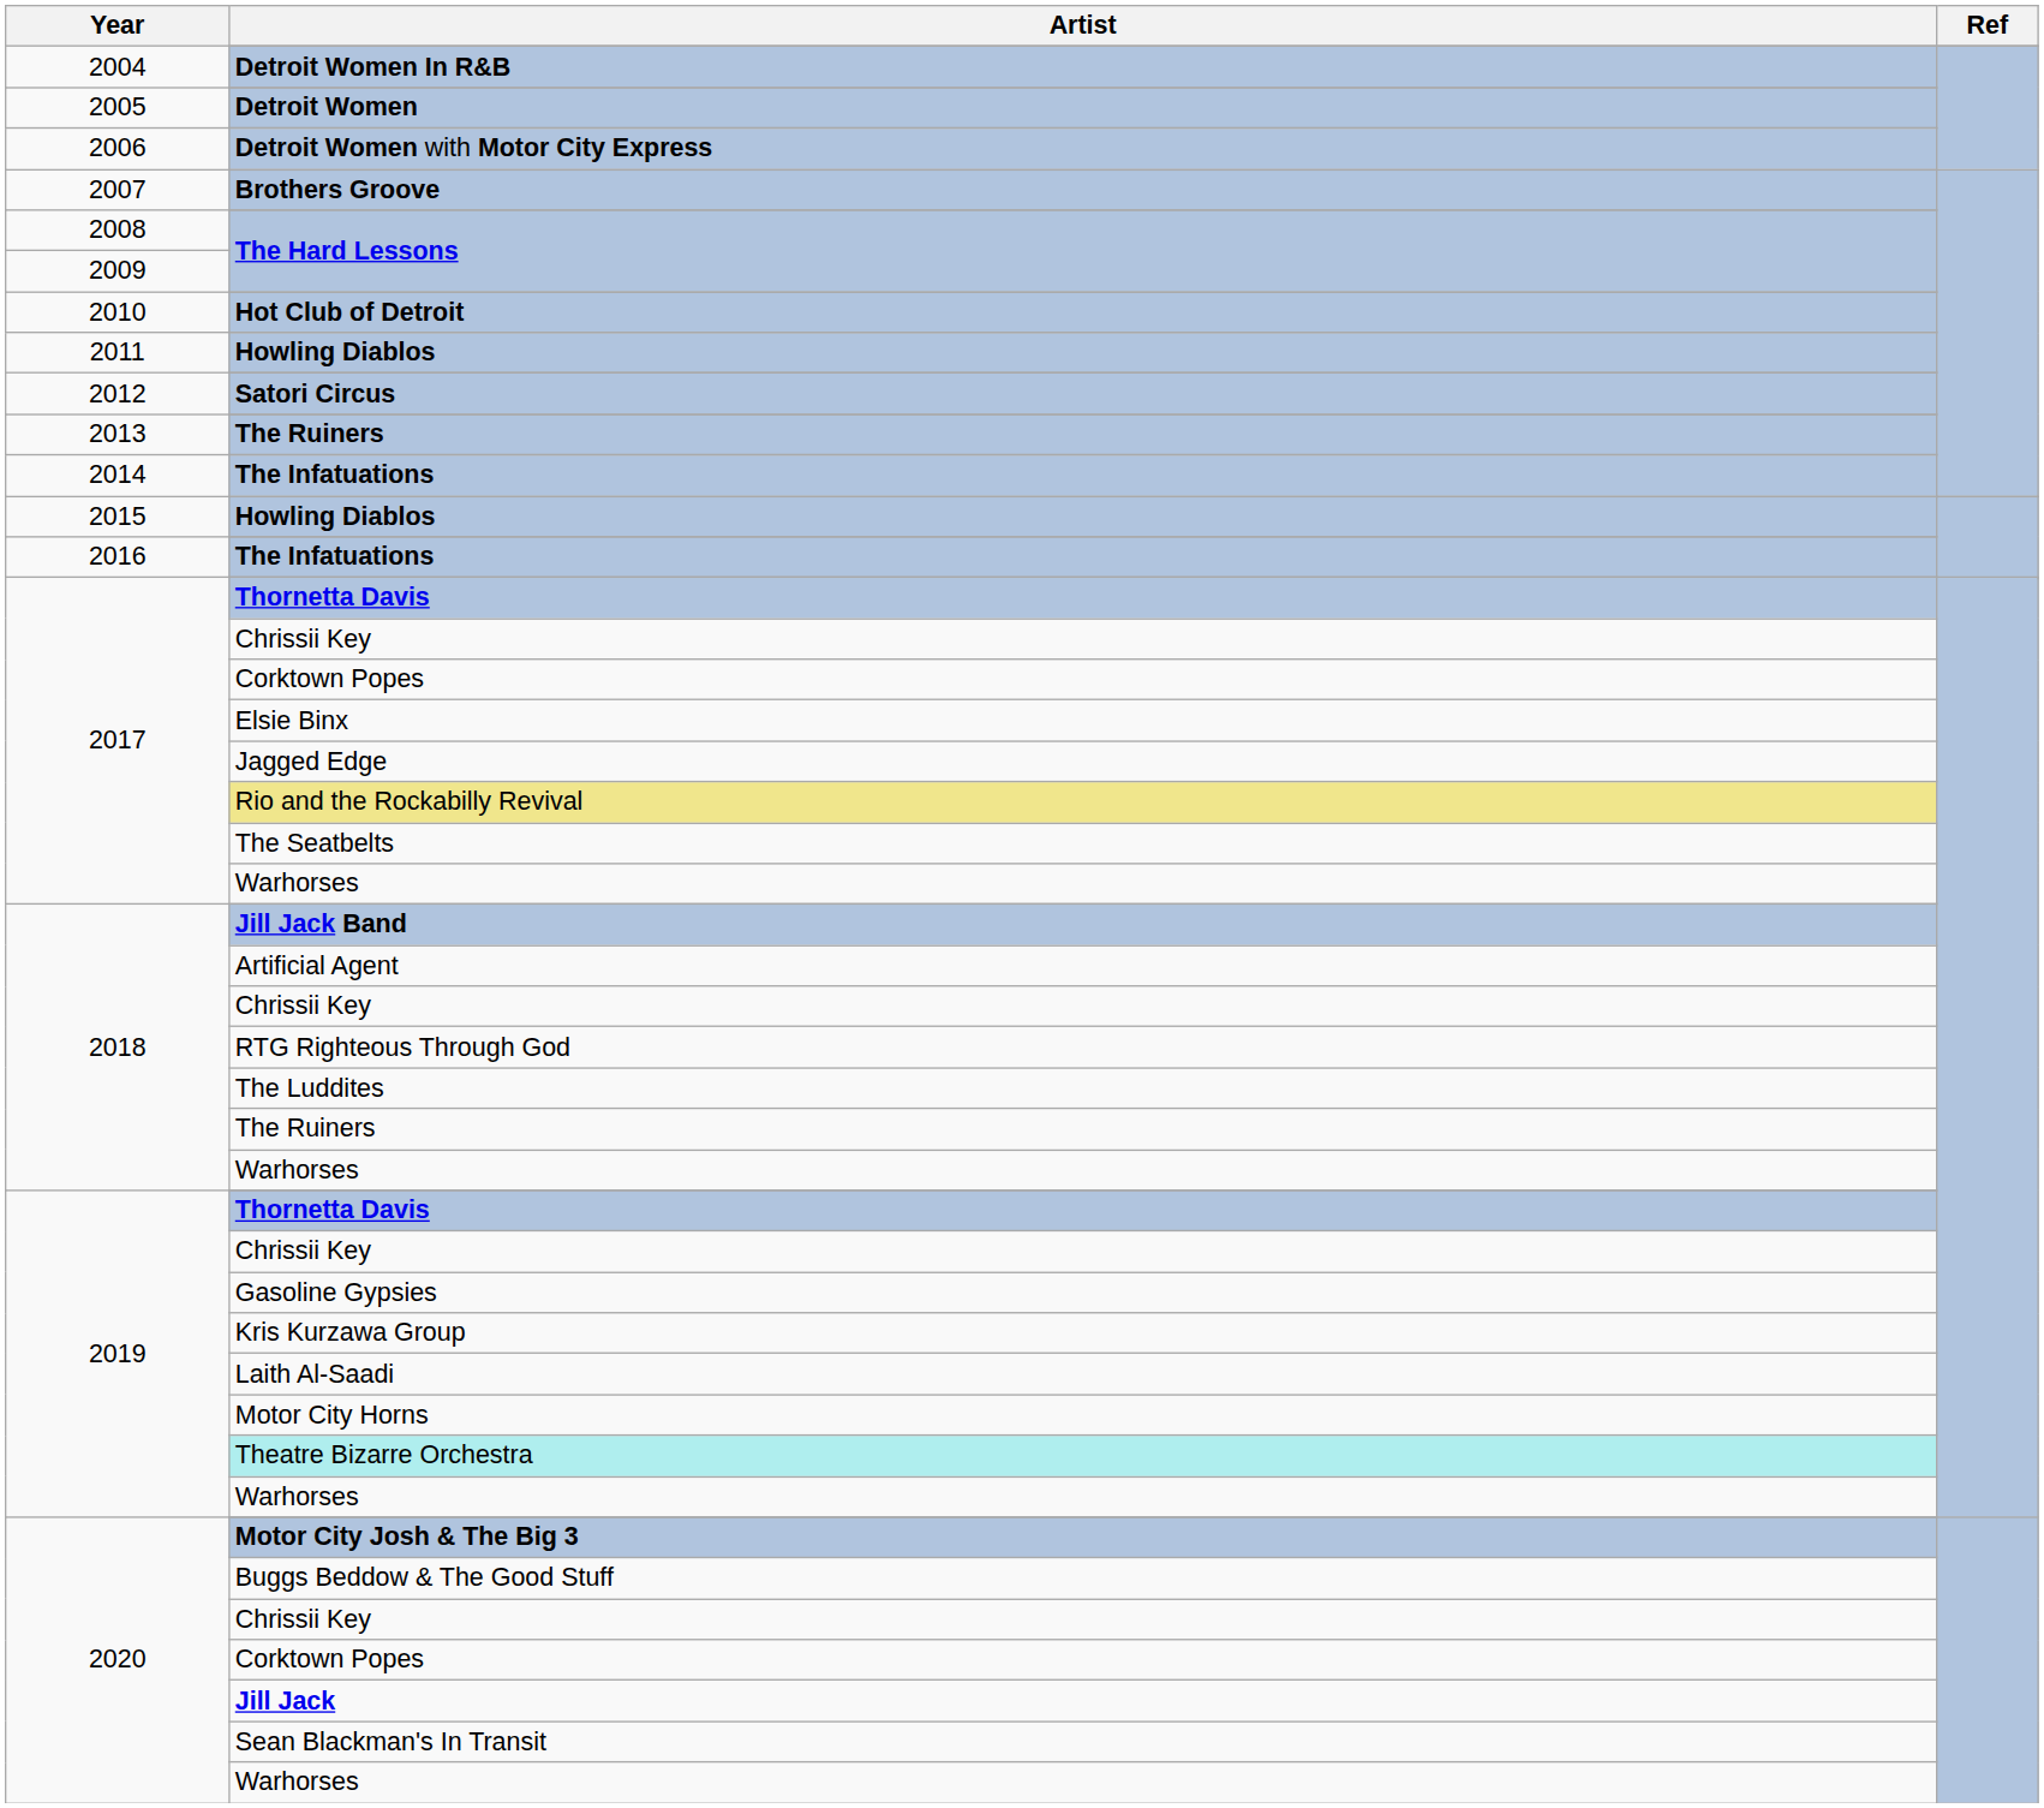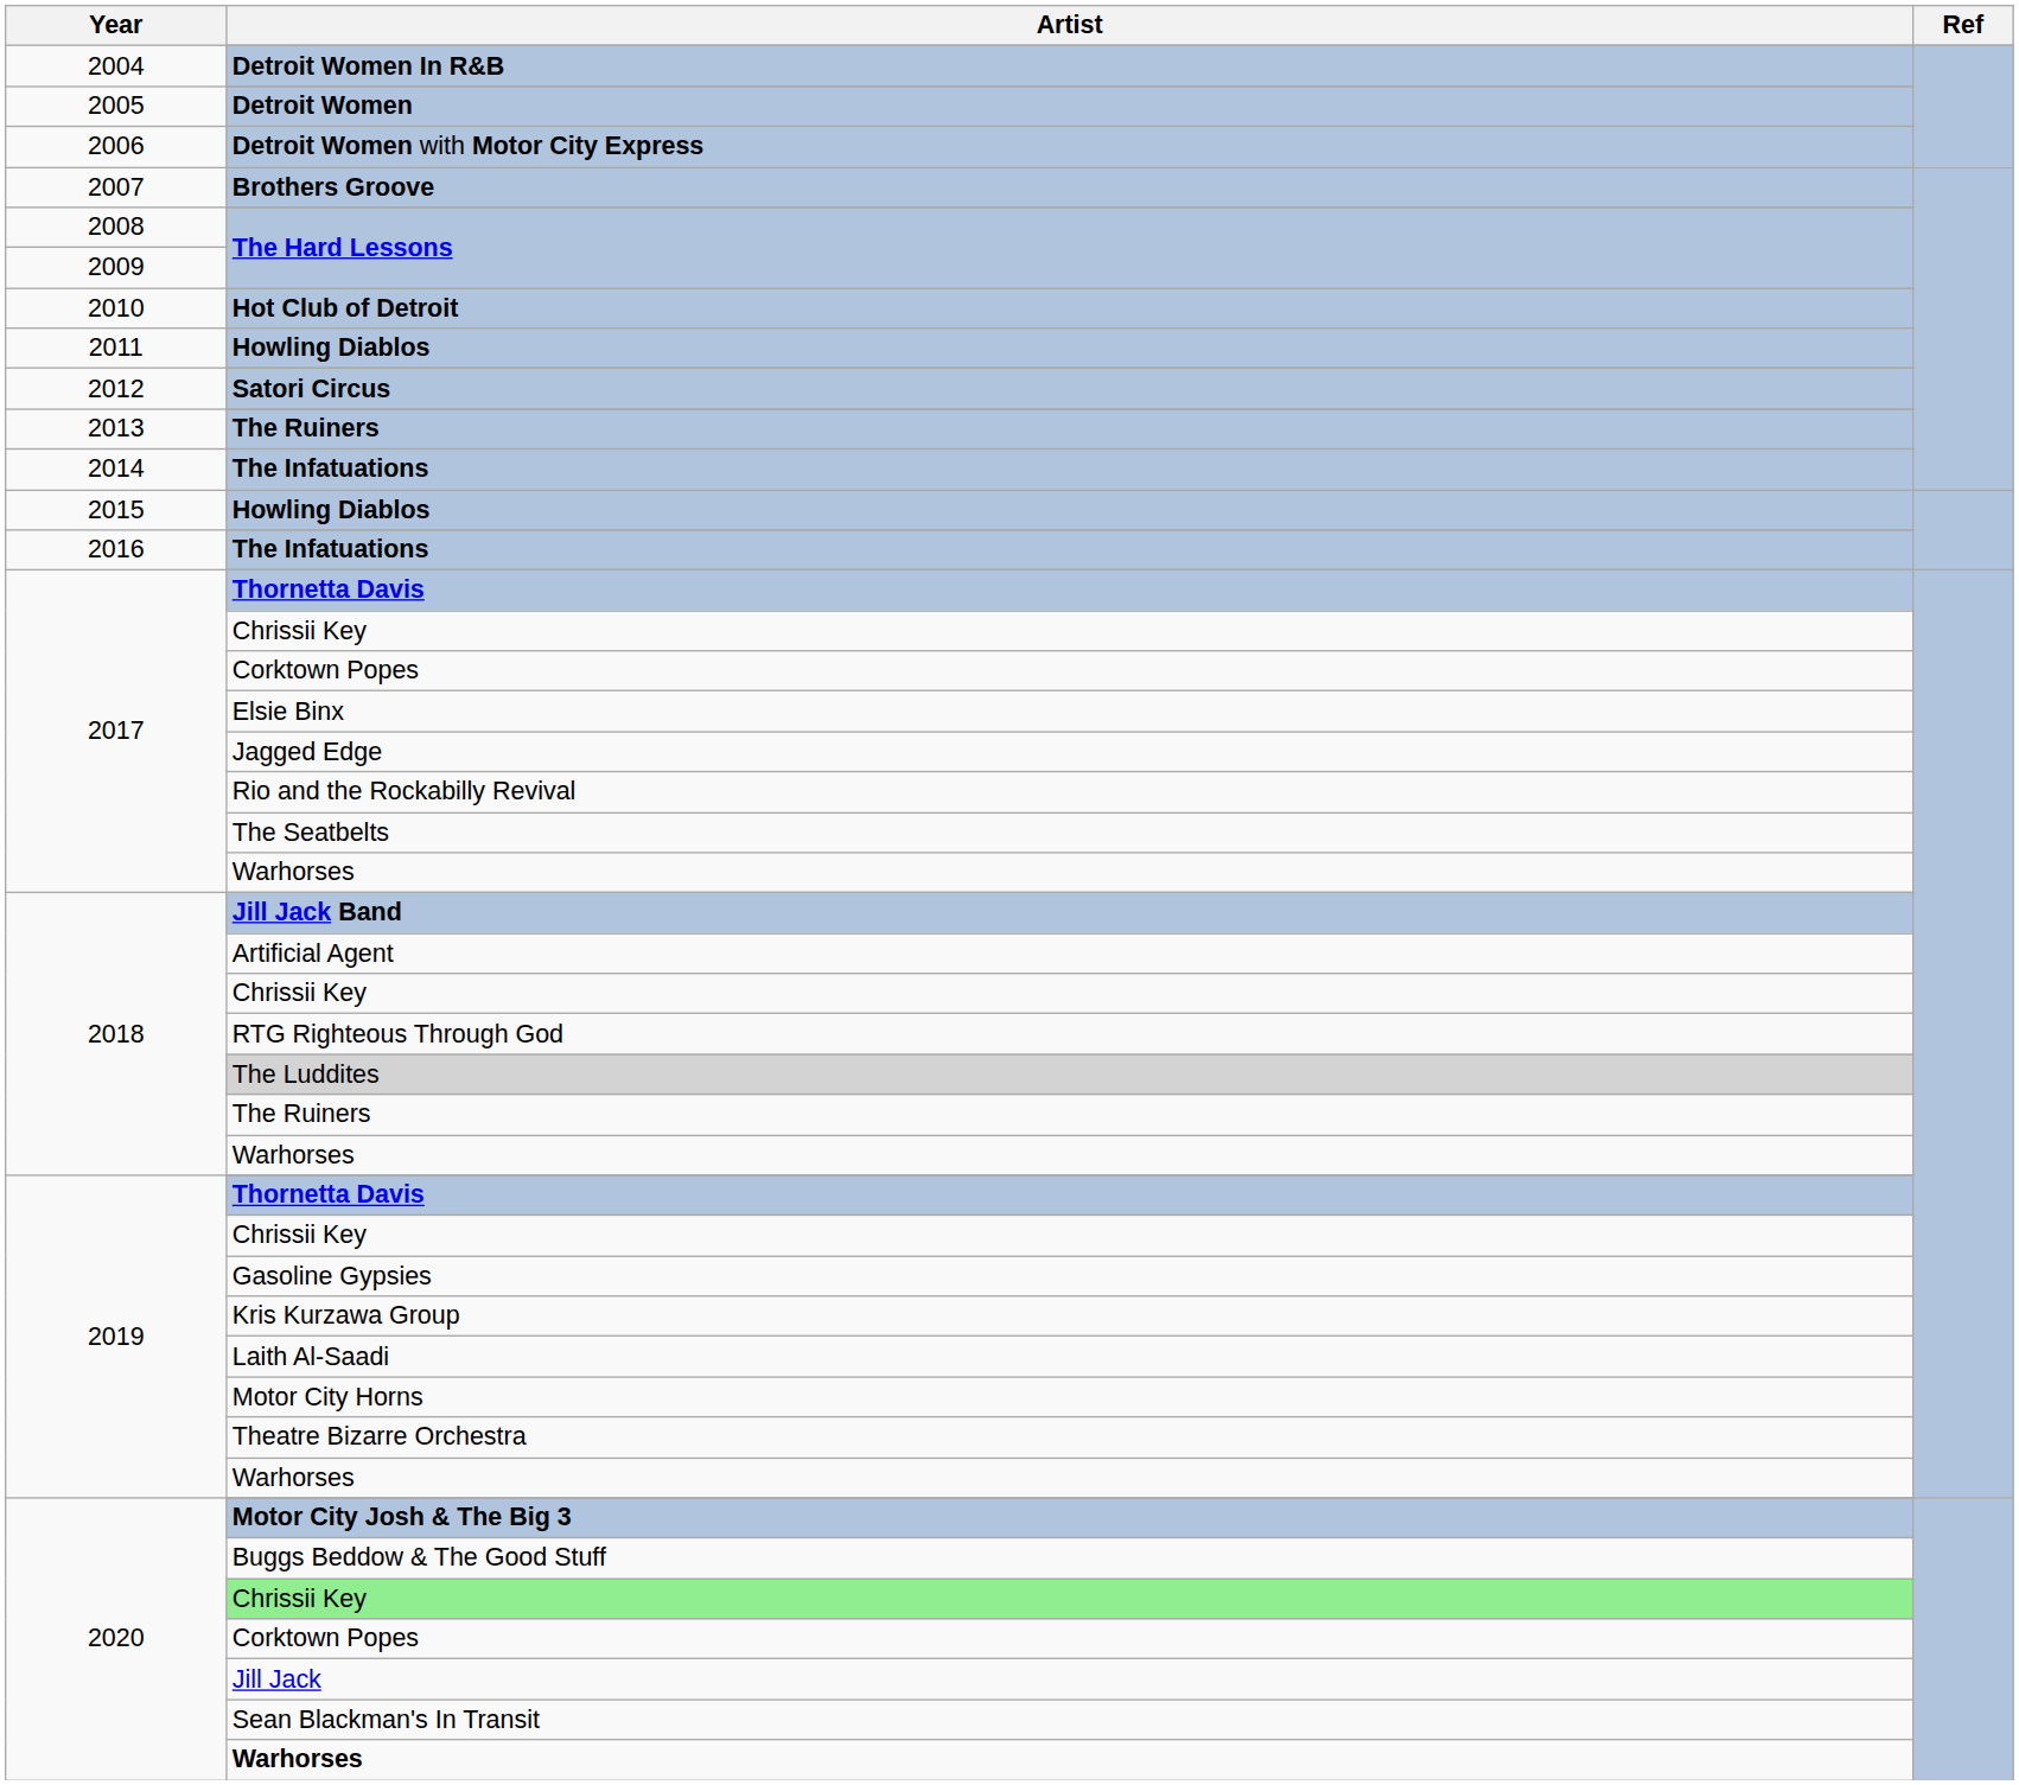 <table class="wikitable" style="width:100%;">
 <tr>
 <th style="width:11%;">Year</th>
 <th style="width:84%;">Artist</th>
 <th style="width:5%;">Ref</th>
 </tr>
 <tr>
 <td rowspan="2" align="center">2004</td>
 </tr>
 <tr style="background:#B0C4DE">
 <td><strong>Detroit Women In R&B</strong></td>
 <td rowspan="6"></td>
 </tr>
 <tr>
 <td rowspan="2" align="center">2005</td>
 </tr>
 <tr style="background:#B0C4DE">
 <td><strong>Detroit Women</strong></td>
 </tr>
 <tr>
 <td rowspan="2" align="center">2006</td>
 </tr>
 <tr style="background:#B0C4DE">
 <td><strong>Detroit Women</strong> with <strong>Motor City Express</strong></td>
 </tr>
 <tr>
 <td rowspan="2" align="center">2007</td>
 </tr>
 <tr style="background:#B0C4DE">
 <td><strong>Brothers Groove</strong></td>
 <td rowspan="14" align="center"></td>
 </tr>
 <tr>
 <td rowspan="2" align="center">2008</td>
 </tr>
 <tr style="background:#B0C4DE">
 <td rowspan="2"><strong><a href='#'>The Hard Lessons</a></strong></td>
 </tr>
 <tr>
 <td align="center">2009</td>
 </tr>
 <tr>
 <td rowspan="2" align="center">2010</td>
 </tr>
 <tr style="background:#B0C4DE">
 <td><strong>Hot Club of Detroit</strong></td>
 </tr>
 <tr>
 <td rowspan="2" align="center">2011</td>
 </tr>
 <tr style="background:#B0C4DE">
 <td><strong>Howling Diablos</strong></td>
 </tr>
 <tr>
 <td rowspan="2" align="center">2012</td>
 </tr>
 <tr style="background:#B0C4DE">
 <td><strong>Satori Circus</strong></td>
 </tr>
 <tr>
 <td rowspan="2" align="center">2013</td>
 </tr>
 <tr style="background:#B0C4DE">
 <td><strong>The Ruiners</strong></td>
 </tr>
 <tr>
 <td rowspan="2" align="center">2014</td>
 </tr>
 <tr style="background:#B0C4DE">
 <td><strong>The Infatuations</strong></td>
 </tr>
 <tr>
 <td rowspan="2" align="center">2015</td>
 </tr>
 <tr style="background:#B0C4DE">
 <td><strong>Howling Diablos</strong></td>
 <td rowspan="4" align="center"></td>
 </tr>
 <tr>
 <td rowspan="2" align="center">2016</td>
 </tr>
 <tr style="background:#B0C4DE">
 <td><strong>The Infatuations</strong></td>
 </tr>
 <tr>
 <td rowspan="9" align="center">2017</td>
 </tr>
 <tr style="background:#B0C4DE">
 <td><strong><a href='#'>Thornetta Davis</a></strong></td>
 <td rowspan="26" align="center"></td>
 </tr>
 <tr>
 <td>Chrissii Key</td>
 </tr>
 <tr>
 <td>Corktown Popes</td>
 </tr>
 <tr>
 <td>Elsie Binx</td>
 </tr>
 <tr>
 <td>Jagged Edge</td>
 </tr>
 <tr>
-<td style="background: khaki;">Rio and the Rockabilly Revival</td>
+<td>Rio and the Rockabilly Revival</td>
 </tr>
 <tr>
 <td>The Seatbelts</td>
 </tr>
 <tr>
 <td>Warhorses</td>
 </tr>
 <tr>
 <td rowspan="8" align="center">2018</td>
 </tr>
 <tr style="background:#B0C4DE">
 <td><strong><a href='#'>Jill Jack</a> Band</strong></td>
 </tr>
 <tr>
 <td>Artificial Agent</td>
 </tr>
 <tr>
 <td>Chrissii Key</td>
 </tr>
 <tr>
 <td>RTG Righteous Through God</td>
 </tr>
 <tr>
-<td>The Luddites</td>
+<td style="background: lightgrey;">The Luddites</td>
 </tr>
 <tr>
 <td>The Ruiners</td>
 </tr>
 <tr>
 <td>Warhorses</td>
 </tr>
 <tr>
 <td rowspan="9" align="center">2019</td>
 </tr>
 <tr style="background:#B0C4DE">
 <td><strong><a href='#'>Thornetta Davis</a></strong></td>
 </tr>
 <tr>
 <td>Chrissii Key</td>
 </tr>
 <tr>
 <td>Gasoline Gypsies</td>
 </tr>
 <tr>
 <td>Kris Kurzawa Group</td>
 </tr>
 <tr>
 <td>Laith Al-Saadi</td>
 </tr>
 <tr>
 <td>Motor City Horns</td>
 </tr>
 <tr>
-<td style="background: paleturquoise;">Theatre Bizarre Orchestra</td>
+<td>Theatre Bizarre Orchestra</td>
 </tr>
 <tr>
 <td>Warhorses</td>
 </tr>
 <tr>
 <td rowspan="8" align="center">2020</td>
 </tr>
 <tr style="background:#B0C4DE">
 <td><strong>Motor City Josh & The Big 3</strong></td>
 <td rowspan="7" align="center"></td>
 </tr>
 <tr>
 <td>Buggs Beddow & The Good Stuff</td>
 </tr>
 <tr>
-<td>Chrissii Key</td>
+<td style="background: lightgreen;">Chrissii Key</td>
 </tr>
 <tr>
 <td>Corktown Popes</td>
 </tr>
 <tr>
-<td><strong><a href='#'>Jill Jack</a></strong></td>
+<td><a href='#'>Jill Jack</a></td>
 </tr>
 <tr>
 <td>Sean Blackman's In Transit</td>
 </tr>
 <tr>
-<td>Warhorses</td>
+<td><strong>Warhorses</strong></td>
 </tr>
 <tr>
 </tr>
 </table>
